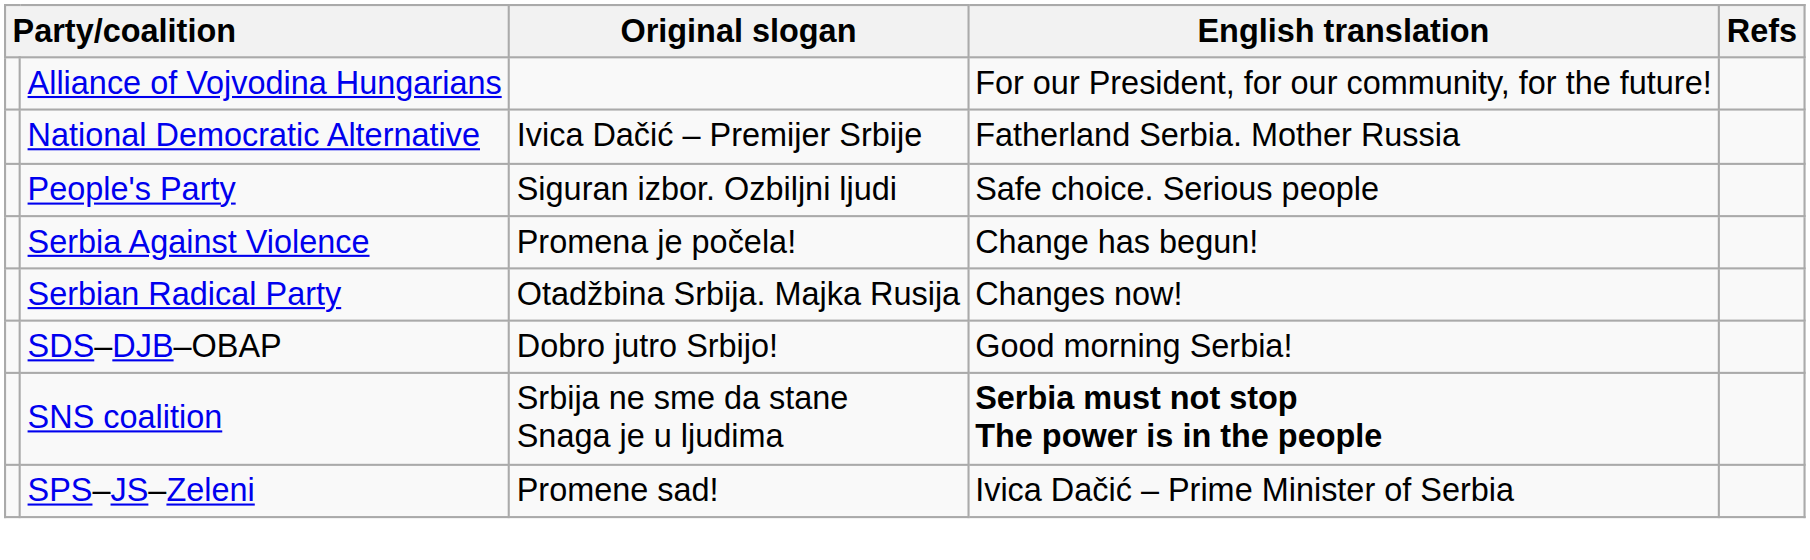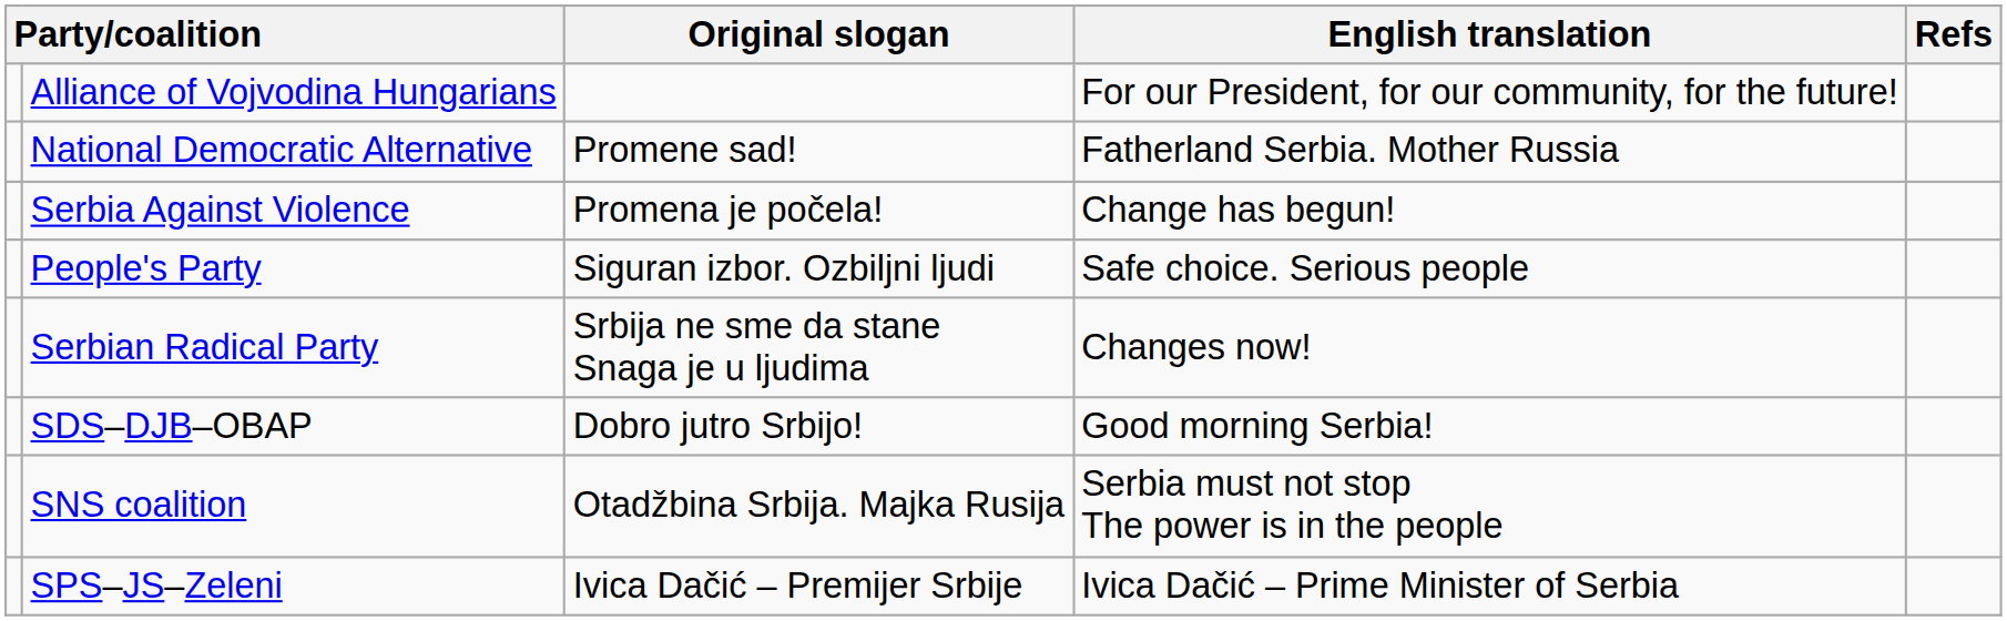 <table class="wikitable" style="font-size:97%; text-align:left">
 <tr>
 <th colspan="2" style="text-align:left">Party/coalition</th>
 <th>Original slogan</th>
 <th>English translation</th>
 <th>Refs</th>
 </tr>
 <tr>
 <td style="background:"></td>
 <td><a href='#'>Alliance of Vojvodina Hungarians</a></td>
 <td></td>
 <td>For our President, for our community, for the future!</td>
 <td></td>
 </tr>
 <tr>
 <td style="background:"></td>
 <td><a href='#'>National Democratic Alternative</a></td>
-<td>Ivica Dačić – Premijer Srbije</td>
+<td>Promene sad!</td>
 <td>Fatherland Serbia. Mother Russia</td>
+<td></td>
+</tr>
+<tr>
+<td style="background:"></td>
+<td><a href='#'>Serbia Against Violence</a></td>
+<td>Promena je počela!</td>
+<td>Change has begun!</td>
 <td></td>
 </tr>
 <tr>
 <td style="background:"></td>
 <td><a href='#'>People's Party</a></td>
 <td>Siguran izbor. Ozbiljni ljudi</td>
 <td>Safe choice. Serious people</td>
 <td></td>
 </tr>
 <tr>
 <td style="background:"></td>
-<td><a href='#'>Serbia Against Violence</a></td>
-<td>Promena je počela!</td>
-<td>Change has begun!</td>
-<td></td>
-</tr>
-<tr>
-<td style="background:"></td>
 <td><a href='#'>Serbian Radical Party</a></td>
-<td>Otadžbina Srbija. Majka Rusija</td>
+<td>Srbija ne sme da stane<br>Snaga je u ljudima</td>
 <td>Changes now!</td>
 <td></td>
 </tr>
 <tr>
 <td style="background:"></td>
 <td><a href='#'>SDS</a>–<a href='#'>DJB</a>–OBAP</td>
 <td>Dobro jutro Srbijo!</td>
 <td>Good morning Serbia!</td>
 <td></td>
 </tr>
 <tr>
 <td style="background:"></td>
 <td><a href='#'>SNS coalition</a></td>
-<td>Srbija ne sme da stane<br>Snaga je u ljudima</td>
-<td><strong>Serbia must not stop<br>The power is in the people</strong></td>
+<td>Otadžbina Srbija. Majka Rusija</td>
+<td>Serbia must not stop<br>The power is in the people</td>
 <td></td>
 </tr>
 <tr>
 <td style="background:"></td>
 <td><a href='#'>SPS</a>–<a href='#'>JS</a>–<a href='#'>Zeleni</a></td>
-<td>Promene sad!</td>
+<td>Ivica Dačić – Premijer Srbije</td>
 <td>Ivica Dačić – Prime Minister of Serbia</td>
 <td></td>
 </tr>
 </table>
